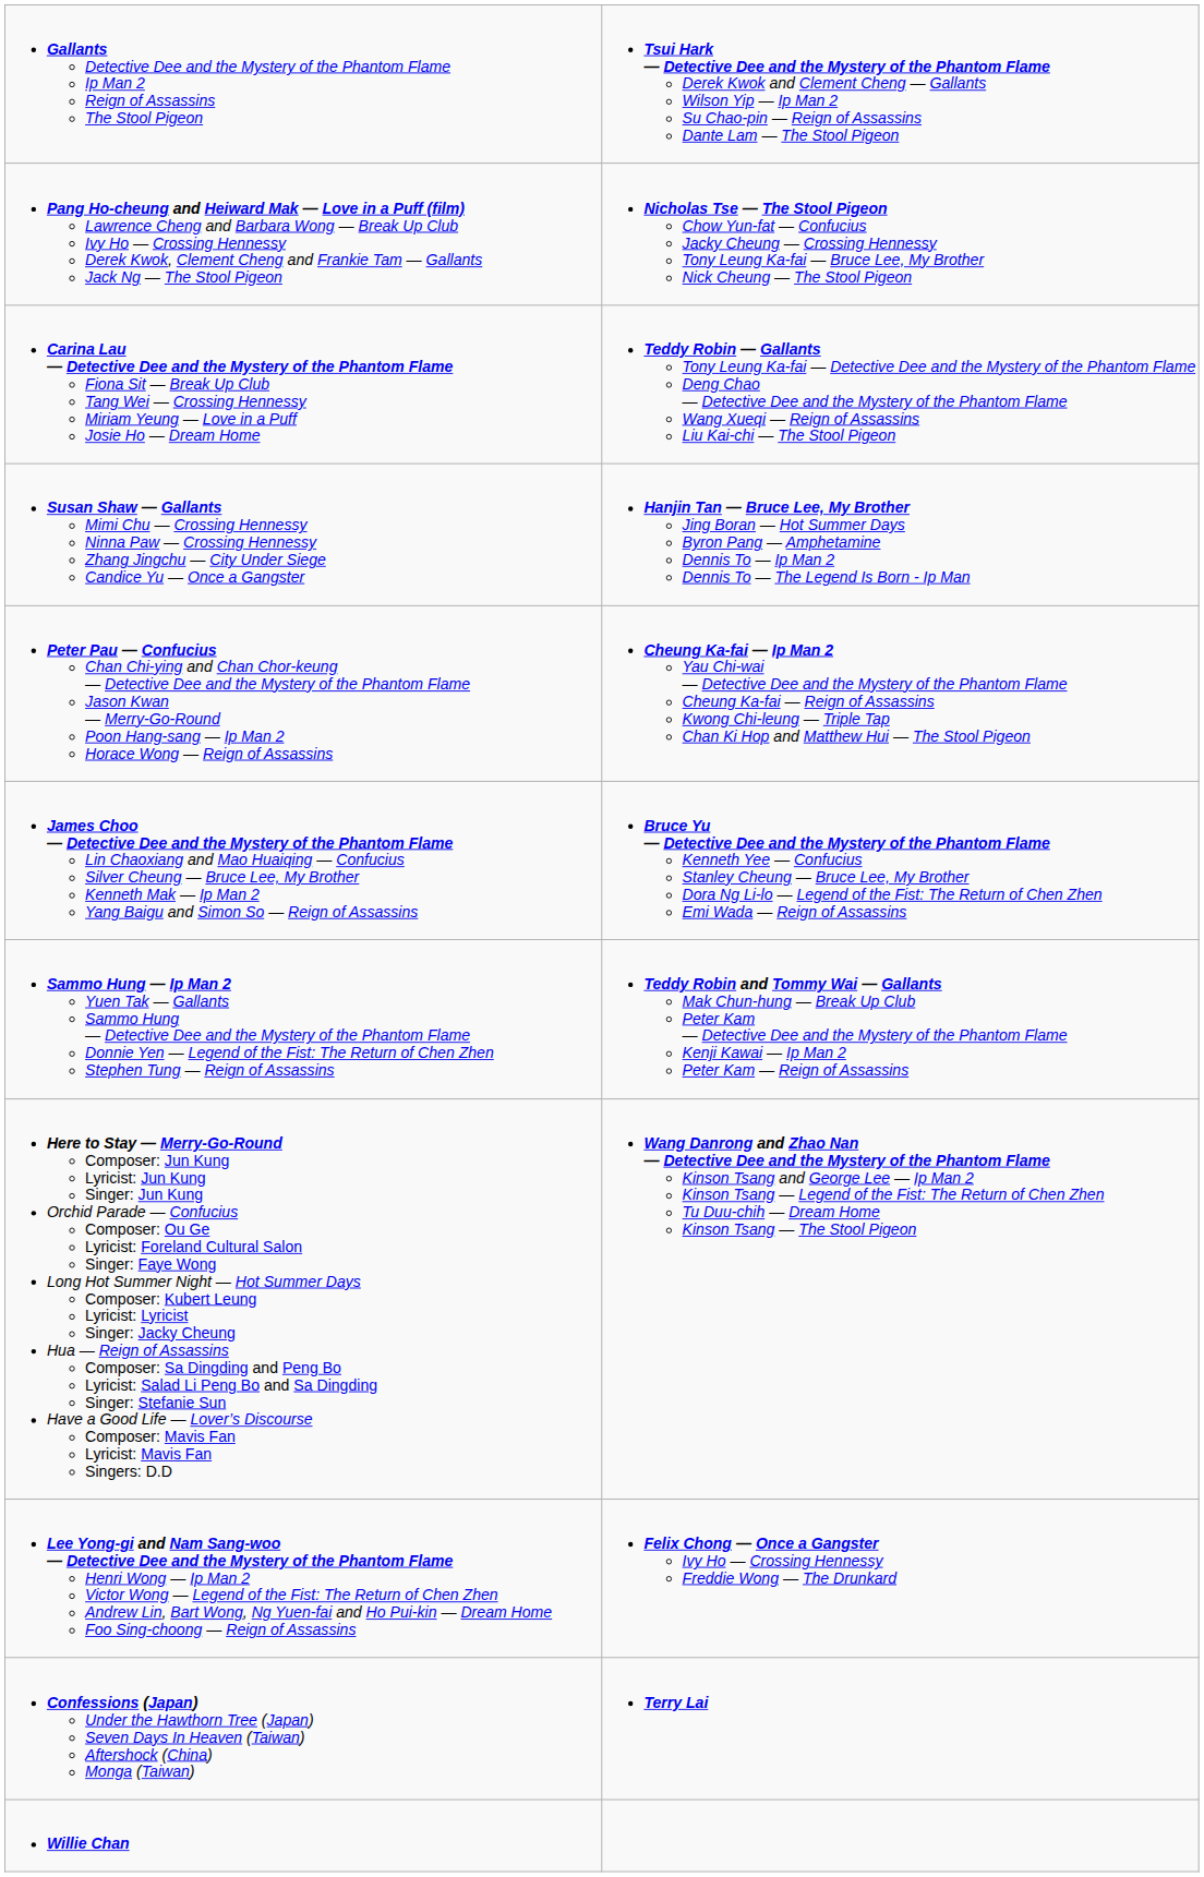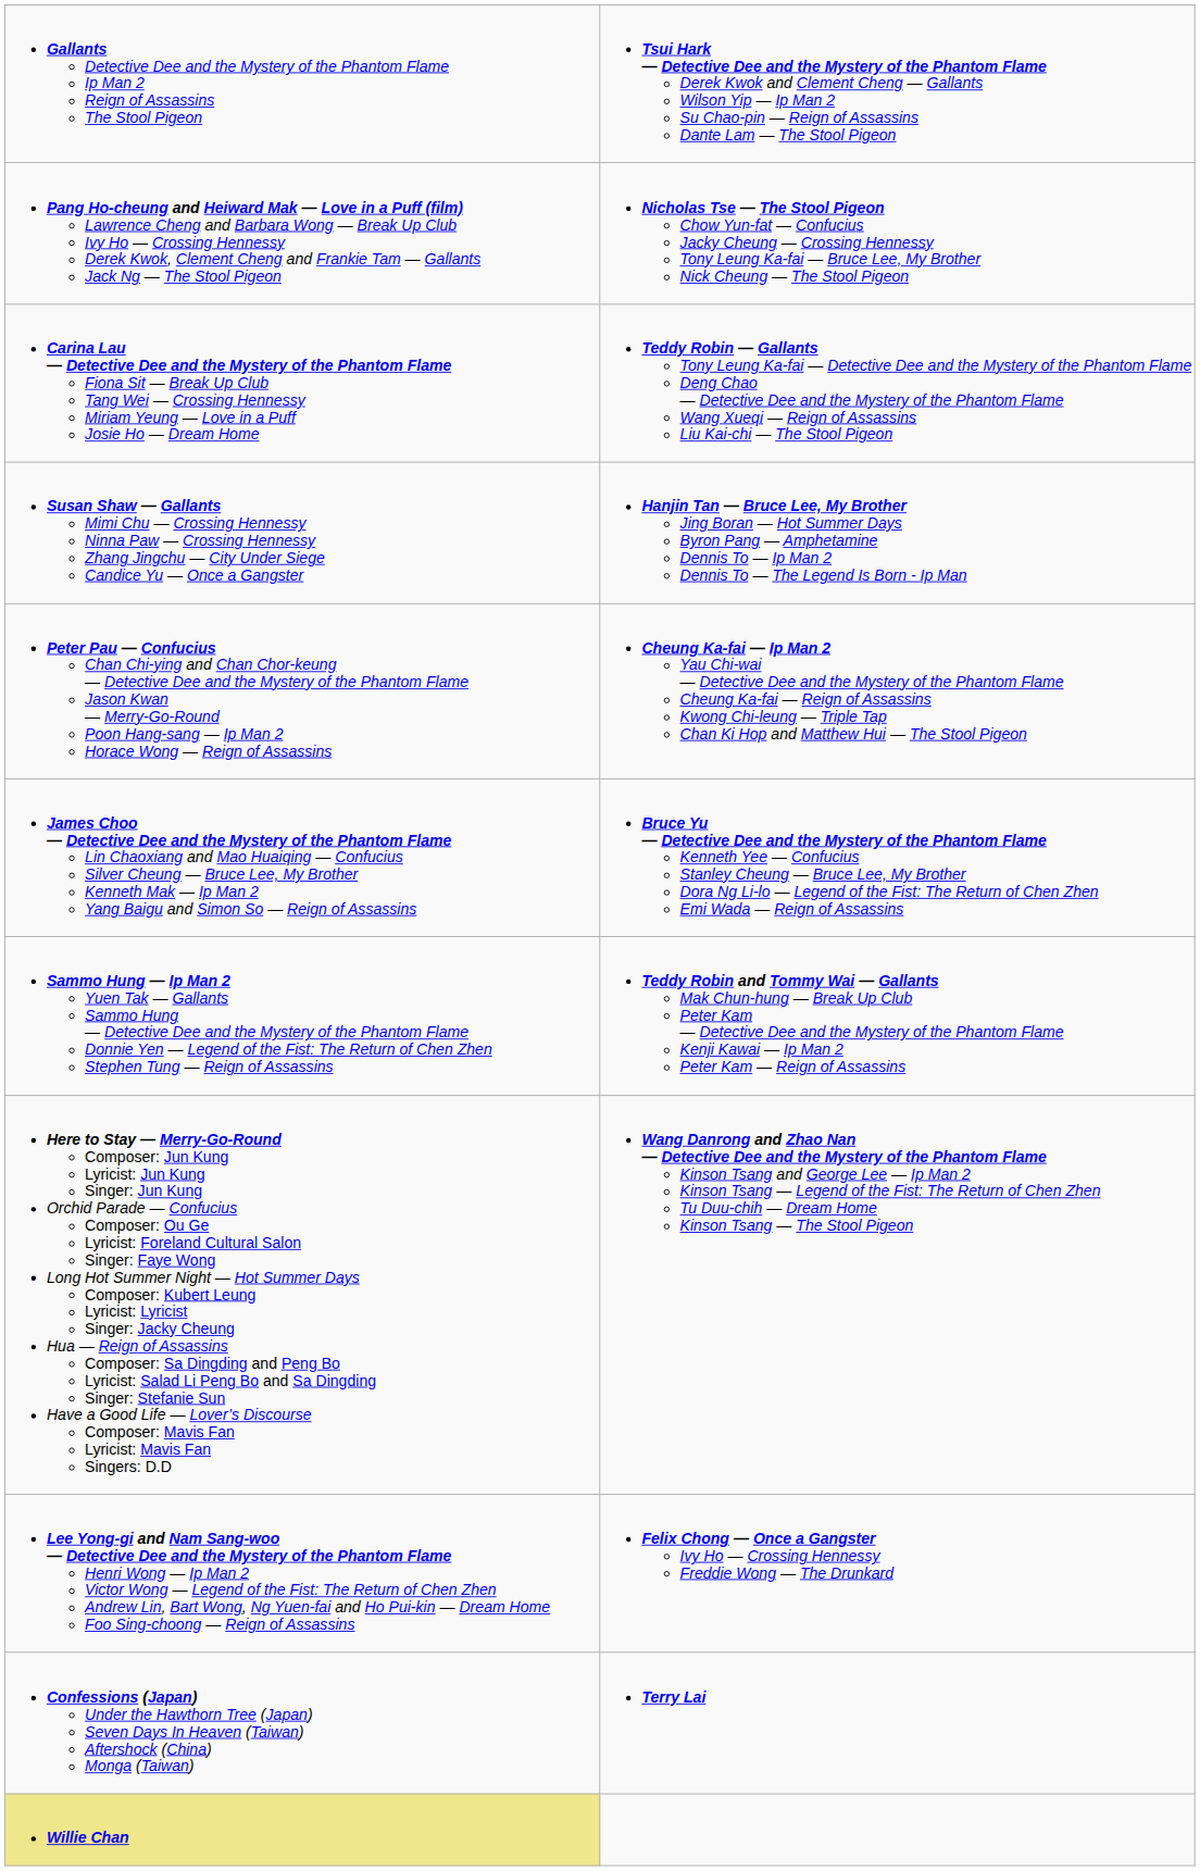 <table class=wikitable>
 <tr>
 <td valign="top" width="50%"><br><ul><li><strong><em><a href='#'>Gallants</a></em></strong><ul><li><em><a href='#'>Detective Dee and the Mystery of the Phantom Flame</a></em></li><li><em><a href='#'>Ip Man 2</a></em></li><li><em><a href='#'>Reign of Assassins</a></em></li><li><em><a href='#'>The Stool Pigeon</a></em></li></ul></li></ul></td>
 <td valign="top" width="50%"><br><ul><li><strong><em><a href='#'>Tsui Hark</a> <br> — <a href='#'>Detective Dee and the Mystery of the Phantom Flame</a></em></strong><ul><li><em><a href='#'>Derek Kwok</a> and <a href='#'>Clement Cheng</a> — <a href='#'>Gallants</a></em></li><li><em><a href='#'>Wilson Yip</a> — <a href='#'>Ip Man 2</a></em></li><li><em><a href='#'>Su Chao-pin</a> — <a href='#'>Reign of Assassins</a></em></li><li><em><a href='#'>Dante Lam</a> — <a href='#'>The Stool Pigeon</a></em></li></ul></li></ul></td>
 </tr>
 <tr>
 <td valign="top" width="50%"><br><ul><li><strong><em><a href='#'>Pang Ho-cheung</a> and <a href='#'>Heiward Mak</a> — <a href='#'>Love in a Puff (film)</a></em></strong><ul><li><em><a href='#'>Lawrence Cheng</a> and <a href='#'>Barbara Wong</a> — <a href='#'>Break Up Club</a></em></li><li><em><a href='#'>Ivy Ho</a> — <a href='#'>Crossing Hennessy</a></em></li><li><em><a href='#'>Derek Kwok</a>, <a href='#'>Clement Cheng</a> and <a href='#'>Frankie Tam</a> — <a href='#'>Gallants</a></em></li><li><em><a href='#'>Jack Ng</a> — <a href='#'>The Stool Pigeon</a></em></li></ul></li></ul></td>
 <td valign="top" width="50%"><br><ul><li><strong><em><a href='#'>Nicholas Tse</a> — <a href='#'>The Stool Pigeon</a></em></strong><ul><li><em><a href='#'>Chow Yun-fat</a> — <a href='#'>Confucius</a></em></li><li><em><a href='#'>Jacky Cheung</a> — <a href='#'>Crossing Hennessy</a></em></li><li><em><a href='#'>Tony Leung Ka-fai</a> — <a href='#'>Bruce Lee, My Brother</a></em></li><li><em><a href='#'>Nick Cheung</a> — <a href='#'>The Stool Pigeon</a></em></li></ul></li></ul></td>
 </tr>
 <tr>
 <td valign="top" width="50%"><br><ul><li><strong><em><a href='#'>Carina Lau</a> <br> — <a href='#'>Detective Dee and the Mystery of the Phantom Flame</a></em></strong><ul><li><em><a href='#'>Fiona Sit</a> — <a href='#'>Break Up Club</a></em></li><li><em><a href='#'>Tang Wei</a> — <a href='#'>Crossing Hennessy</a></em></li><li><em><a href='#'>Miriam Yeung</a> — <a href='#'>Love in a Puff</a></em></li><li><em><a href='#'>Josie Ho</a> — <a href='#'>Dream Home</a></em></li></ul></li></ul></td>
 <td valign="top" width="50%"><br><ul><li><strong><em><a href='#'>Teddy Robin</a> — <a href='#'>Gallants</a></em></strong><ul><li><em><a href='#'>Tony Leung Ka-fai</a> — <a href='#'>Detective Dee and the Mystery of the Phantom Flame</a></em></li><li><em><a href='#'>Deng Chao</a> <br> — <a href='#'>Detective Dee and the Mystery of the Phantom Flame</a></em></li><li><em><a href='#'>Wang Xueqi</a> — <a href='#'>Reign of Assassins</a></em></li><li><em><a href='#'>Liu Kai-chi</a> — <a href='#'>The Stool Pigeon</a></em></li></ul></li></ul></td>
 </tr>
 <tr>
 <td valign="top" width="50%"><br><ul><li><strong><em><a href='#'>Susan Shaw</a> — <a href='#'>Gallants</a></em></strong><ul><li><em><a href='#'>Mimi Chu</a> — <a href='#'>Crossing Hennessy</a></em></li><li><em><a href='#'>Ninna Paw</a> — <a href='#'>Crossing Hennessy</a></em></li><li><em><a href='#'>Zhang Jingchu</a> — <a href='#'>City Under Siege</a></em></li><li><em><a href='#'>Candice Yu</a> — <a href='#'>Once a Gangster</a></em></li></ul></li></ul></td>
 <td valign="top" width="50%"><br><ul><li><strong><em><a href='#'>Hanjin Tan</a> — <a href='#'>Bruce Lee, My Brother</a></em></strong><ul><li><em><a href='#'>Jing Boran</a> — <a href='#'>Hot Summer Days</a></em></li><li><em><a href='#'>Byron Pang</a> — <a href='#'>Amphetamine</a></em></li><li><em><a href='#'>Dennis To</a> — <a href='#'>Ip Man 2</a></em></li><li><em><a href='#'>Dennis To</a> — <a href='#'>The Legend Is Born - Ip Man</a></em></li></ul></li></ul></td>
 </tr>
 <tr>
 <td valign="top" width="50%"><br><ul><li><strong><em><a href='#'>Peter Pau</a> — <a href='#'>Confucius</a></em></strong><ul><li><em><a href='#'>Chan Chi-ying</a> and <a href='#'>Chan Chor-keung</a> <br> — <a href='#'>Detective Dee and the Mystery of the Phantom Flame</a></em></li><li><em><a href='#'>Jason Kwan</a> <br>  — <a href='#'>Merry-Go-Round</a></em></li><li><em><a href='#'>Poon Hang-sang</a> — <a href='#'>Ip Man 2</a></em></li><li><em><a href='#'>Horace Wong</a> — <a href='#'>Reign of Assassins</a></em></li></ul></li></ul></td>
 <td valign="top" width="50%"><br><ul><li><strong><em><a href='#'>Cheung Ka-fai</a> — <a href='#'>Ip Man 2</a></em></strong><ul><li><em><a href='#'>Yau Chi-wai</a> <br> — <a href='#'>Detective Dee and the Mystery of the Phantom Flame</a></em></li><li><em><a href='#'>Cheung Ka-fai</a> — <a href='#'>Reign of Assassins</a></em></li><li><em><a href='#'>Kwong Chi-leung</a> — <a href='#'>Triple Tap</a></em></li><li><em><a href='#'>Chan Ki Hop</a> and <a href='#'>Matthew Hui</a> — <a href='#'>The Stool Pigeon</a></em></li></ul></li></ul></td>
 </tr>
 <tr>
 <td valign="top" width="50%"><br><ul><li><strong><em><a href='#'>James Choo</a> <br> — <a href='#'>Detective Dee and the Mystery of the Phantom Flame</a></em></strong><ul><li><em><a href='#'>Lin Chaoxiang</a> and <a href='#'>Mao Huaiqing</a> — <a href='#'>Confucius</a></em></li><li><em><a href='#'>Silver Cheung</a> — <a href='#'>Bruce Lee, My Brother</a></em></li><li><em><a href='#'>Kenneth Mak</a> — <a href='#'>Ip Man 2</a></em></li><li><em><a href='#'>Yang Baigu</a> and <a href='#'>Simon So</a> — <a href='#'>Reign of Assassins</a></em></li></ul></li></ul></td>
 <td valign="top" width="50%"><br><ul><li><strong><em><a href='#'>Bruce Yu</a> <br> — <a href='#'>Detective Dee and the Mystery of the Phantom Flame</a></em></strong><ul><li><em> <a href='#'>Kenneth Yee</a> — <a href='#'>Confucius</a></em></li><li><em> <a href='#'>Stanley Cheung</a> — <a href='#'>Bruce Lee, My Brother</a></em></li><li><em> <a href='#'>Dora Ng Li-lo</a> — <a href='#'>Legend of the Fist: The Return of Chen Zhen</a></em></li><li><em> <a href='#'>Emi Wada</a> — <a href='#'>Reign of Assassins</a></em></li></ul></li></ul></td>
 </tr>
 <tr>
 <td valign="top" width="50%"><br><ul><li><strong><em><a href='#'>Sammo Hung</a> — <a href='#'>Ip Man 2</a></em></strong><ul><li><em> <a href='#'>Yuen Tak</a> — <a href='#'>Gallants</a></em></li><li><em> <a href='#'>Sammo Hung</a> <br> — <a href='#'>Detective Dee and the Mystery of the Phantom Flame</a></em></li><li><em> <a href='#'>Donnie Yen</a> — <a href='#'>Legend of the Fist: The Return of Chen Zhen</a></em></li><li><em> <a href='#'>Stephen Tung</a> — <a href='#'>Reign of Assassins</a></em></li></ul></li></ul></td>
 <td valign="top" width="50%"><br><ul><li><strong><em><a href='#'>Teddy Robin</a> and <a href='#'>Tommy Wai</a> — <a href='#'>Gallants</a></em></strong><ul><li><em> <a href='#'>Mak Chun-hung</a> — <a href='#'>Break Up Club</a></em></li><li><em> <a href='#'>Peter Kam</a>  <br> — <a href='#'>Detective Dee and the Mystery of the Phantom Flame</a></em></li><li><em> <a href='#'>Kenji Kawai</a> — <a href='#'>Ip Man 2</a></em></li><li><em> <a href='#'>Peter Kam</a> — <a href='#'>Reign of Assassins</a></em></li></ul></li></ul></td>
 </tr>
 <tr>
 <td valign="top" width="50%"><br><ul><li><strong><em>Here to Stay —  <a href='#'>Merry-Go-Round</a></em></strong><ul><li>Composer: <a href='#'>Jun Kung</a></li><li>Lyricist: <a href='#'>Jun Kung</a></li><li>Singer: <a href='#'>Jun Kung</a></li></ul></li><li><em>Orchid Parade</em> — <em><a href='#'>Confucius</a></em><ul><li>Composer: <a href='#'>Ou Ge</a></li><li>Lyricist: <a href='#'>Foreland Cultural Salon</a></li><li>Singer: <a href='#'>Faye Wong</a></li></ul></li><li><em>Long Hot Summer Night</em> — <em><a href='#'>Hot Summer Days</a></em><ul><li>Composer: <a href='#'>Kubert Leung</a></li><li>Lyricist: <a href='#'>Lyricist</a></li><li>Singer: <a href='#'>Jacky Cheung</a></li></ul></li><li><em>Hua</em> — <em><a href='#'>Reign of Assassins</a></em><ul><li>Composer: <a href='#'>Sa Dingding</a> and <a href='#'>Peng Bo</a></li><li>Lyricist: <a href='#'>Salad Li Peng Bo</a> and <a href='#'>Sa Dingding</a></li><li>Singer: <a href='#'>Stefanie Sun</a></li></ul></li><li><em>Have a Good Life</em> — <em><a href='#'>Lover’s Discourse</a></em><ul><li>Composer: <a href='#'>Mavis Fan</a></li><li>Lyricist: <a href='#'>Mavis Fan</a></li><li>Singers: D.D</li></ul></li></ul></td>
 <td valign="top" width="50%"><br><ul><li><strong><em><a href='#'>Wang Danrong</a> and <a href='#'>Zhao Nan</a> <br>  — <a href='#'>Detective Dee and the Mystery of the Phantom Flame</a></em></strong><ul><li><em> <a href='#'>Kinson Tsang</a> and <a href='#'>George Lee</a> — <a href='#'>Ip Man 2</a></em></li><li><em> <a href='#'>Kinson Tsang</a> — <a href='#'>Legend of the Fist: The Return of Chen Zhen</a></em></li><li><em> <a href='#'>Tu Duu-chih</a> — <a href='#'>Dream Home</a></em></li><li><em> <a href='#'>Kinson Tsang</a> — <a href='#'>The Stool Pigeon</a></em></li></ul></li></ul></td>
 </tr>
 <tr>
 <td valign="top" width="50%"><br><ul><li><strong><em><a href='#'>Lee Yong-gi</a> and <a href='#'>Nam Sang-woo</a> <br> — <a href='#'>Detective Dee and the Mystery of the Phantom Flame</a></em></strong><ul><li><em> <a href='#'>Henri Wong</a> — <a href='#'>Ip Man 2</a></em></li><li><em> <a href='#'>Victor Wong</a> — <a href='#'>Legend of the Fist: The Return of Chen Zhen</a></em></li><li><em> <a href='#'>Andrew Lin</a>, <a href='#'>Bart Wong</a>, <a href='#'>Ng Yuen-fai</a> and <a href='#'>Ho Pui-kin</a> — <a href='#'>Dream Home</a></em></li><li><em> <a href='#'>Foo Sing-choong</a> — <a href='#'>Reign of Assassins</a></em></li></ul></li></ul></td>
 <td valign="top" width="50%"><br><ul><li><strong><em><a href='#'>Felix Chong</a> — <a href='#'>Once a Gangster</a></em></strong><ul><li><em><a href='#'>Ivy Ho</a> — <a href='#'>Crossing Hennessy</a></em></li><li><em><a href='#'>Freddie Wong</a> — <a href='#'>The Drunkard</a></em></li></ul></li></ul></td>
 </tr>
 <tr>
 <td valign="top" width="50%"><br><ul><li><strong><em><a href='#'>Confessions</a> (<a href='#'>Japan</a>)</em></strong><ul><li><em><a href='#'>Under the Hawthorn Tree</a> (<a href='#'>Japan</a>)</em></li><li><em><a href='#'>Seven Days In Heaven</a> (<a href='#'>Taiwan</a>)</em></li><li><em><a href='#'>Aftershock</a> (<a href='#'>China</a>)</em></li><li><em><a href='#'>Monga</a> (<a href='#'>Taiwan</a>)</em></li></ul></li></ul></td>
 <td valign="top" width="50%"><br><ul><li><strong><em><a href='#'>Terry Lai</a></em></strong></li></ul></td>
 </tr>
 <tr>
-<td valign="top" width="50%"><br><ul><li><strong><em><a href='#'>Willie Chan</a></em></strong></li></ul></td>
+<td valign="top" width="50%" style="background: khaki;"><br><ul><li><strong><em><a href='#'>Willie Chan</a></em></strong></li></ul></td>
 </tr>
 </table>
